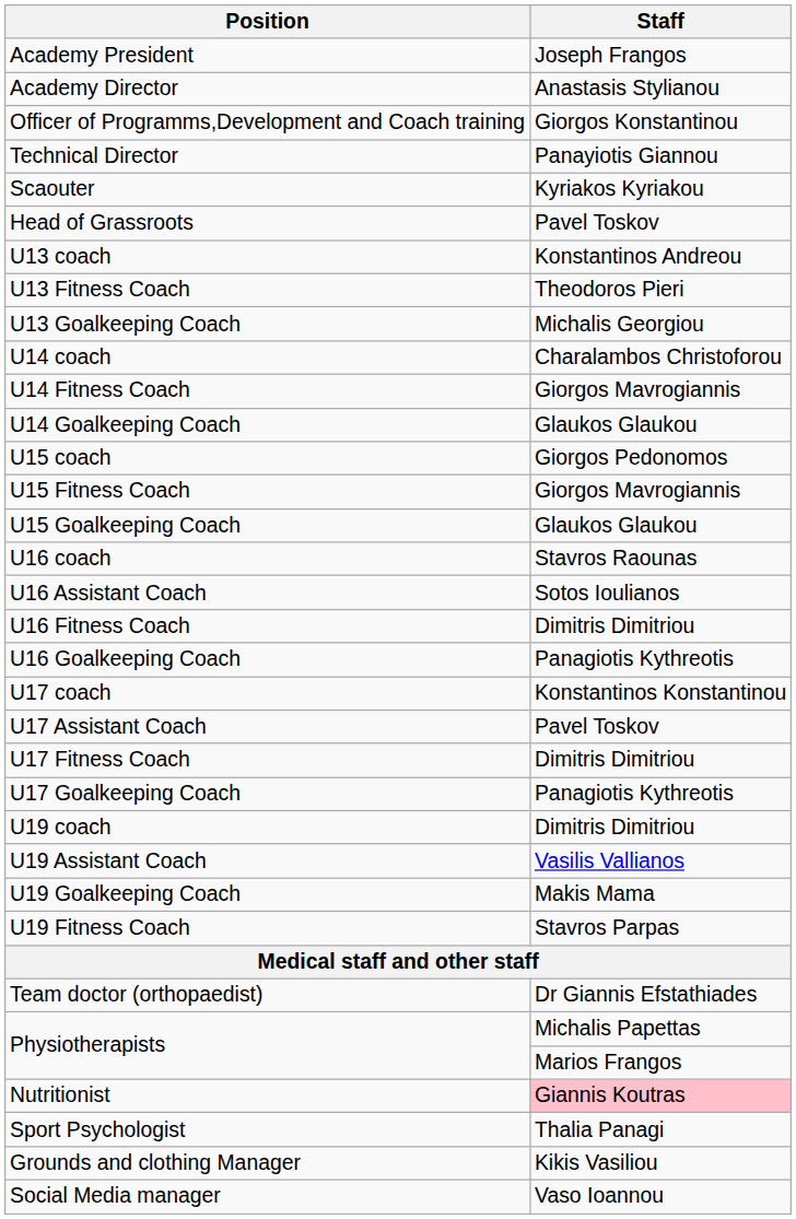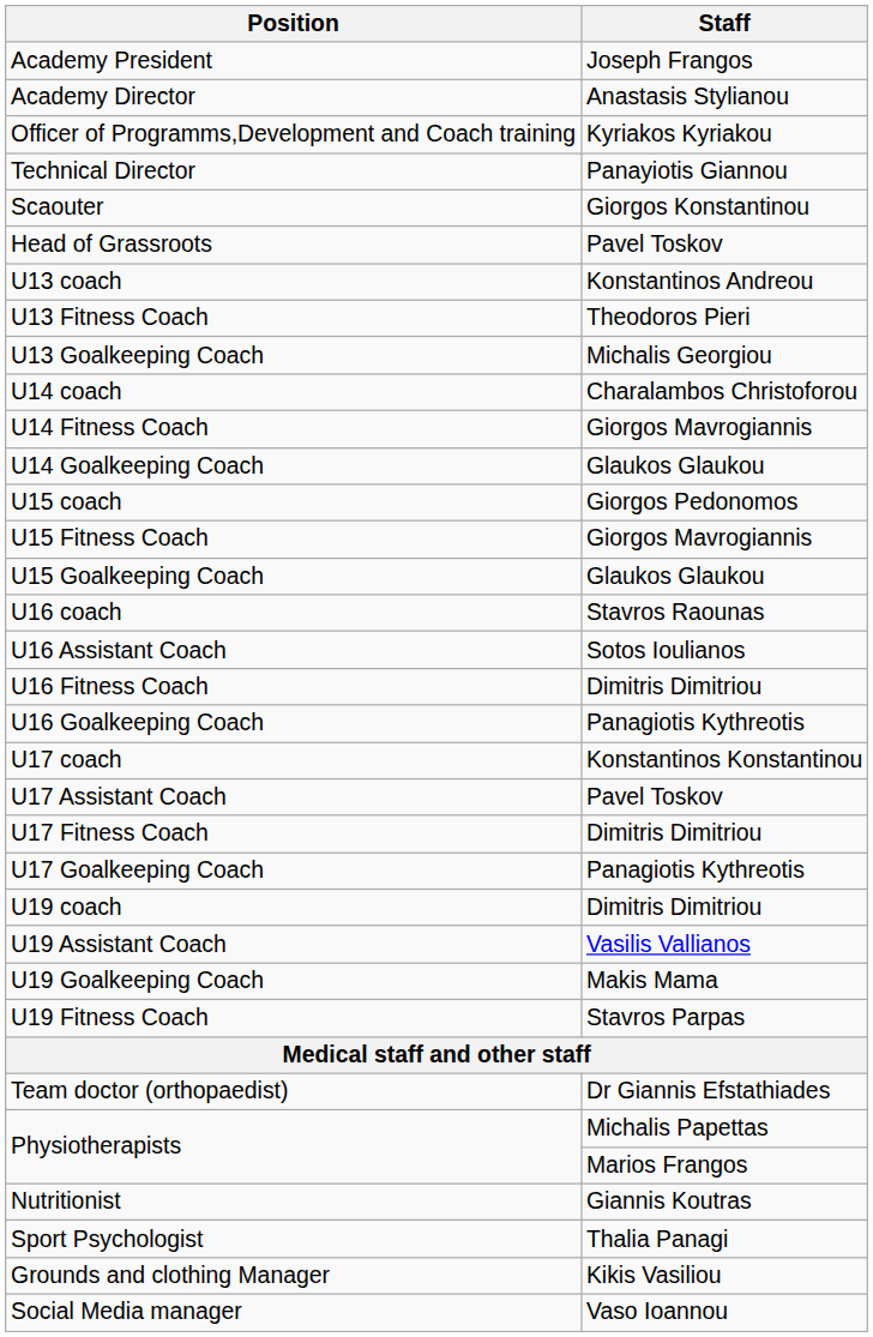 <table class="wikitable" style="text-align: center">
 <tr>
 <th align=left>Position</th>
 <th align=left>Staff</th>
 </tr>
 <tr>
 <td align=left>Academy President</td>
 <td align=left> Joseph Frangos</td>
 </tr>
 <tr>
 <td align=left>Academy Director</td>
 <td align=left> Anastasis Stylianou</td>
 </tr>
 <tr>
 <td align=left>Officer of Programms,Development and Coach training</td>
-<td align=left> Giorgos Konstantinou</td>
+<td align=left> Kyriakos Kyriakou</td>
 </tr>
 <tr>
 <td align=left>Technical Director</td>
 <td align=left> Panayiotis Giannou</td>
 </tr>
 <tr>
 <td align=left>Scaouter</td>
-<td align=left> Kyriakos Kyriakou</td>
+<td align=left> Giorgos Konstantinou</td>
 </tr>
 <tr>
 <td align=left>Head of Grassroots</td>
 <td align=left> Pavel Toskov</td>
 </tr>
 <tr>
 <td align=left>U13 coach</td>
 <td align=left> Konstantinos Andreou</td>
 </tr>
 <tr>
 <td align=left>U13 Fitness  Coach</td>
 <td align=left> Theodoros Pieri</td>
 </tr>
 <tr>
 <td align=left>U13 Goalkeeping Coach</td>
 <td align=left> Michalis Georgiou</td>
 </tr>
 <tr>
 <td align=left>U14 coach</td>
 <td align=left> Charalambos Christoforou</td>
 </tr>
 <tr>
 <td align=left>U14 Fitness  Coach</td>
 <td align=left> Giorgos Mavrogiannis</td>
 </tr>
 <tr>
 <td align=left>U14 Goalkeeping Coach</td>
 <td align=left> Glaukos Glaukou</td>
 </tr>
 <tr>
 <td align=left>U15 coach</td>
 <td align=left> Giorgos Pedonomos</td>
 </tr>
 <tr>
 <td align=left>U15 Fitness  Coach</td>
 <td align=left> Giorgos Mavrogiannis</td>
 </tr>
 <tr>
 <td align=left>U15 Goalkeeping Coach</td>
 <td align=left> Glaukos Glaukou</td>
 </tr>
 <tr>
 <td align=left>U16 coach</td>
 <td align=left> Stavros Raounas</td>
 </tr>
 <tr>
 <td align=left>U16 Assistant Coach</td>
 <td align=left> Sotos Ioulianos</td>
 </tr>
 <tr>
 <td align=left>U16 Fitness  Coach</td>
 <td align=left> Dimitris Dimitriou</td>
 </tr>
 <tr>
 <td align=left>U16 Goalkeeping Coach</td>
 <td align=left> Panagiotis Kythreotis</td>
 </tr>
 <tr>
 <td align=left>U17 coach</td>
 <td align=left> Konstantinos Konstantinou</td>
 </tr>
 <tr>
 <td align=left>U17 Assistant Coach</td>
 <td align=left> Pavel Toskov</td>
 </tr>
 <tr>
 <td align=left>U17 Fitness  Coach</td>
 <td align=left> Dimitris Dimitriou</td>
 </tr>
 <tr>
 <td align=left>U17 Goalkeeping Coach</td>
 <td align=left> Panagiotis Kythreotis</td>
 </tr>
 <tr>
 <td align=left>U19 coach</td>
 <td align=left> Dimitris Dimitriou</td>
 </tr>
 <tr>
 <td align=left>U19 Assistant Coach</td>
 <td align=left> <a href='#'>Vasilis Vallianos</a></td>
 </tr>
 <tr>
 <td align=left>U19 Goalkeeping Coach</td>
 <td align=left> Makis Mama</td>
 </tr>
 <tr>
 <td align=left>U19 Fitness  Coach</td>
 <td align=left> Stavros Parpas</td>
 </tr>
 <tr>
 <th colspan="2">Medical staff and other staff</th>
 </tr>
 <tr>
 <td align=left>Team doctor (orthopaedist)</td>
 <td align=left> Dr Giannis Efstathiades</td>
 </tr>
 <tr>
 <td rowspan="2" align=left>Physiotherapists</td>
 <td align=left> Michalis Papettas</td>
 </tr>
 <tr>
 <td align=left> Marios Frangos</td>
 </tr>
 <tr>
 <td align=left>Nutritionist</td>
-<td align=left style="background: pink;"> Giannis Koutras</td>
+<td align=left> Giannis Koutras</td>
 </tr>
 <tr>
 <td align=left>Sport Psychologist</td>
 <td align=left> Thalia Panagi</td>
 </tr>
 <tr>
 <td align=left>Grounds and clothing Manager</td>
 <td align=left> Kikis Vasiliou</td>
 </tr>
 <tr>
 <td align=left>Social Media manager</td>
 <td align=left> Vaso Ioannou</td>
 </tr>
 <tr>
 </tr>
 </table>
